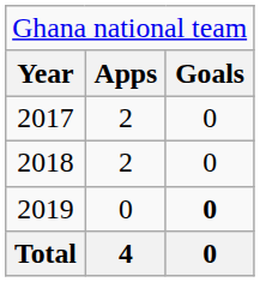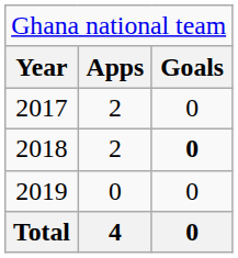 <table class="wikitable" style="text-align:center">
 <tr>
 <td colspan="3"><a href='#'>Ghana national team</a></td>
 </tr>
 <tr>
 <th>Year</th>
 <th>Apps</th>
 <th>Goals</th>
 </tr>
 <tr>
 <td>2017</td>
 <td>2</td>
 <td>0</td>
 </tr>
 <tr>
 <td>2018</td>
 <td>2</td>
-<td>0</td>
+<td><strong>0</strong></td>
 </tr>
 <tr>
 <td>2019</td>
 <td>0</td>
-<td><strong>0</strong></td>
+<td>0</td>
 </tr>
 <tr>
 <th>Total</th>
 <th>4</th>
 <th>0</th>
 </tr>
 </table>
